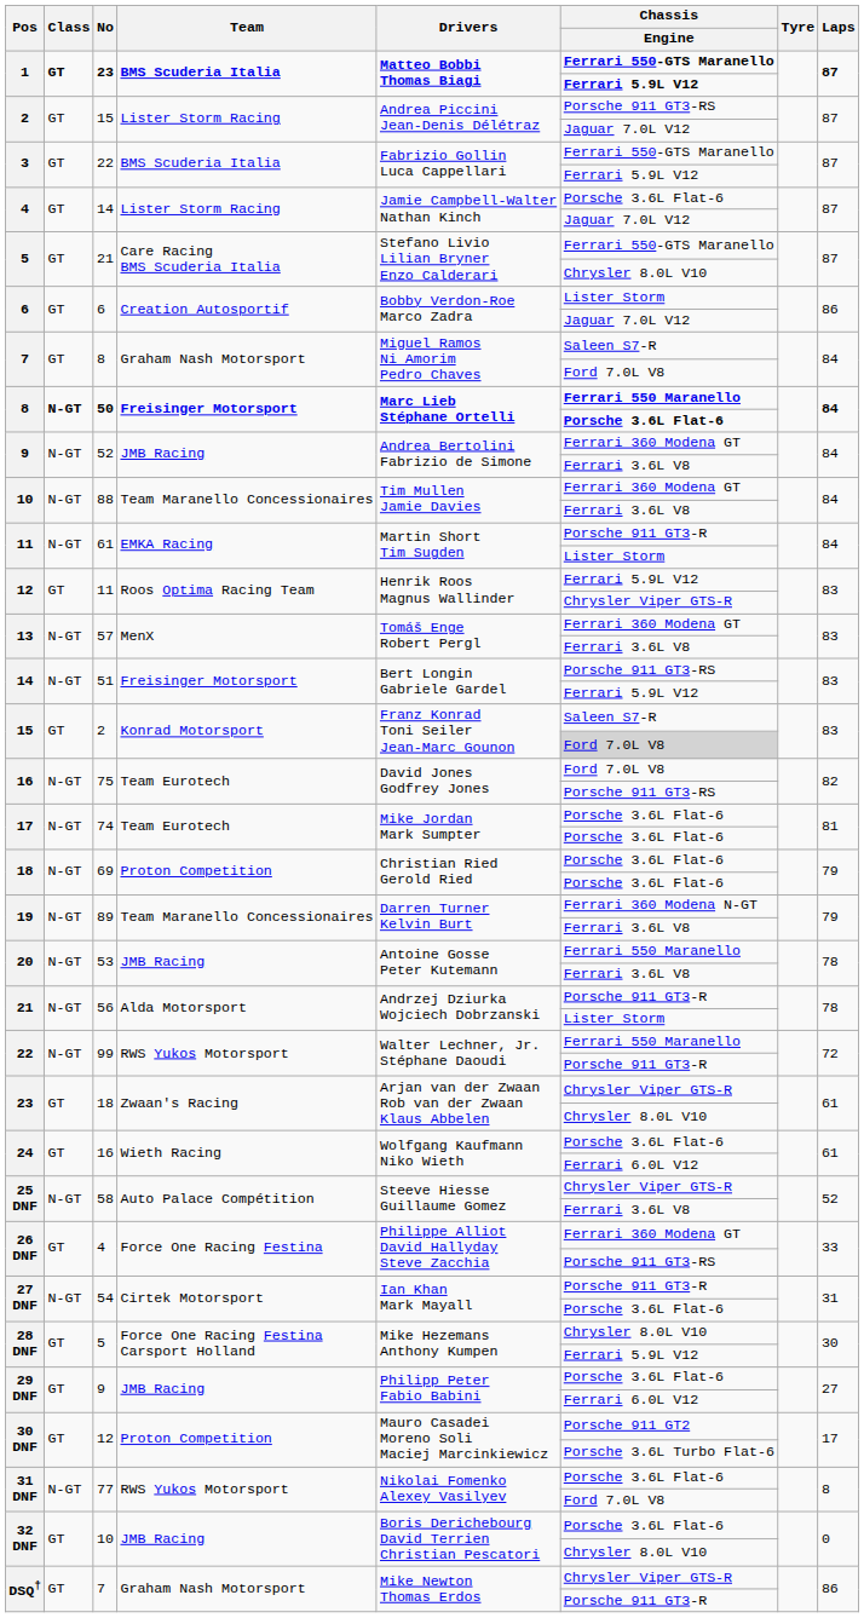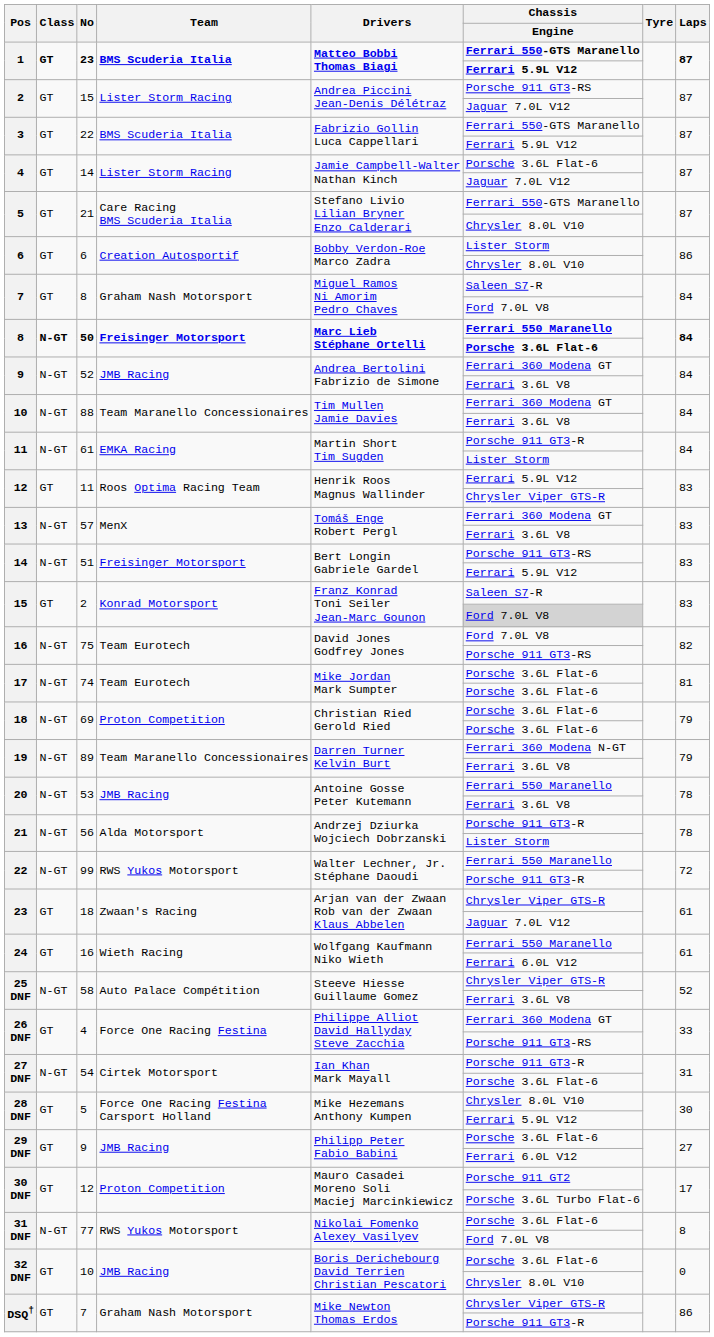 <table class="wikitable" style="font-size: 95%;">
 <tr>
 <th rowspan=2>Pos</th>
 <th rowspan=2>Class</th>
 <th rowspan=2>No</th>
 <th rowspan=2>Team</th>
 <th rowspan=2>Drivers</th>
 <th>Chassis</th>
 <th rowspan=2>Tyre</th>
 <th rowspan=2>Laps</th>
 </tr>
 <tr>
 <th>Engine</th>
 </tr>
 <tr style="font-weight:bold">
 <th rowspan=2>1</th>
 <td rowspan=2>GT</td>
 <td rowspan=2>23</td>
 <td rowspan=2> <a href='#'>BMS Scuderia Italia</a></td>
 <td rowspan=2> <a href='#'>Matteo Bobbi</a><br> <a href='#'>Thomas Biagi</a></td>
 <td><a href='#'>Ferrari 550</a>-GTS Maranello</td>
 <td rowspan=2></td>
 <td rowspan=2>87</td>
 </tr>
 <tr style="font-weight:bold">
 <td><a href='#'>Ferrari</a> 5.9L V12</td>
 </tr>
 <tr>
 <th rowspan=2>2</th>
 <td rowspan=2>GT</td>
 <td rowspan=2>15</td>
 <td rowspan=2> <a href='#'>Lister Storm Racing</a></td>
 <td rowspan=2> <a href='#'>Andrea Piccini</a><br> <a href='#'>Jean-Denis Délétraz</a></td>
 <td><a href='#'>Porsche 911 GT3</a>-RS</td>
 <td rowspan=2></td>
 <td rowspan=2>87</td>
 </tr>
 <tr>
 <td><a href='#'>Jaguar</a> 7.0L V12</td>
 </tr>
 <tr>
 <th rowspan=2>3</th>
 <td rowspan=2>GT</td>
 <td rowspan=2>22</td>
 <td rowspan=2> <a href='#'>BMS Scuderia Italia</a></td>
 <td rowspan=2> <a href='#'>Fabrizio Gollin</a><br> Luca Cappellari</td>
 <td><a href='#'>Ferrari 550</a>-GTS Maranello</td>
 <td rowspan=2></td>
 <td rowspan=2>87</td>
 </tr>
 <tr>
 <td><a href='#'>Ferrari</a> 5.9L V12</td>
 </tr>
 <tr>
 <th rowspan=2>4</th>
 <td rowspan=2>GT</td>
 <td rowspan=2>14</td>
 <td rowspan=2> <a href='#'>Lister Storm Racing</a></td>
 <td rowspan=2> <a href='#'>Jamie Campbell-Walter</a><br> Nathan Kinch</td>
 <td><a href='#'>Porsche</a> 3.6L Flat-6</td>
 <td rowspan=2></td>
 <td rowspan=2>87</td>
 </tr>
 <tr>
 <td><a href='#'>Jaguar</a> 7.0L V12</td>
 </tr>
 <tr>
 <th rowspan=2>5</th>
 <td rowspan=2>GT</td>
 <td rowspan=2>21</td>
 <td rowspan=2> Care Racing<br> <a href='#'>BMS Scuderia Italia</a></td>
 <td rowspan=2> Stefano Livio<br> <a href='#'>Lilian Bryner</a><br> <a href='#'>Enzo Calderari</a></td>
 <td><a href='#'>Ferrari 550</a>-GTS Maranello</td>
 <td rowspan=2></td>
 <td rowspan=2>87</td>
 </tr>
 <tr>
 <td><a href='#'>Chrysler</a> 8.0L V10</td>
 </tr>
 <tr>
 <th rowspan=2>6</th>
 <td rowspan=2>GT</td>
 <td rowspan=2>6</td>
 <td rowspan=2> <a href='#'>Creation Autosportif</a></td>
 <td rowspan=2> <a href='#'>Bobby Verdon-Roe</a><br> Marco Zadra</td>
 <td><a href='#'>Lister Storm</a></td>
 <td rowspan=2></td>
 <td rowspan=2>86</td>
 </tr>
 <tr>
-<td><a href='#'>Jaguar</a> 7.0L V12</td>
+<td><a href='#'>Chrysler</a> 8.0L V10</td>
 </tr>
 <tr>
 <th rowspan=2>7</th>
 <td rowspan=2>GT</td>
 <td rowspan=2>8</td>
 <td rowspan=2> Graham Nash Motorsport</td>
 <td rowspan=2> <a href='#'>Miguel Ramos</a><br> <a href='#'>Ni Amorim</a><br> <a href='#'>Pedro Chaves</a></td>
 <td><a href='#'>Saleen S7</a>-R</td>
 <td rowspan=2></td>
 <td rowspan=2>84</td>
 </tr>
 <tr>
 <td><a href='#'>Ford</a> 7.0L V8</td>
 </tr>
 <tr style="font-weight:bold">
 <th rowspan=2>8</th>
 <td rowspan=2>N-GT</td>
 <td rowspan=2>50</td>
 <td rowspan=2> <a href='#'>Freisinger Motorsport</a></td>
 <td rowspan=2> <a href='#'>Marc Lieb</a><br> <a href='#'>Stéphane Ortelli</a></td>
 <td><a href='#'>Ferrari 550 Maranello</a></td>
 <td rowspan=2></td>
 <td rowspan=2>84</td>
 </tr>
 <tr style="font-weight:bold">
 <td><a href='#'>Porsche</a> 3.6L Flat-6</td>
 </tr>
 <tr>
 <th rowspan=2>9</th>
 <td rowspan=2>N-GT</td>
 <td rowspan=2>52</td>
 <td rowspan=2> <a href='#'>JMB Racing</a></td>
 <td rowspan=2> <a href='#'>Andrea Bertolini</a><br> Fabrizio de Simone</td>
 <td><a href='#'>Ferrari 360 Modena</a> GT</td>
 <td rowspan=2></td>
 <td rowspan=2>84</td>
 </tr>
 <tr>
 <td><a href='#'>Ferrari</a> 3.6L V8</td>
 </tr>
 <tr>
 <th rowspan=2>10</th>
 <td rowspan=2>N-GT</td>
 <td rowspan=2>88</td>
 <td rowspan=2> Team Maranello Concessionaires</td>
 <td rowspan=2> <a href='#'>Tim Mullen</a><br> <a href='#'>Jamie Davies</a></td>
 <td><a href='#'>Ferrari 360 Modena</a> GT</td>
 <td rowspan=2></td>
 <td rowspan=2>84</td>
 </tr>
 <tr>
 <td><a href='#'>Ferrari</a> 3.6L V8</td>
 </tr>
 <tr>
 <th rowspan=2>11</th>
 <td rowspan=2>N-GT</td>
 <td rowspan=2>61</td>
 <td rowspan=2> <a href='#'>EMKA Racing</a></td>
 <td rowspan=2> Martin Short<br> <a href='#'>Tim Sugden</a></td>
 <td><a href='#'>Porsche 911 GT3</a>-R</td>
 <td rowspan=2></td>
 <td rowspan=2>84</td>
 </tr>
 <tr>
 <td><a href='#'>Lister Storm</a></td>
 </tr>
 <tr>
 <th rowspan=2>12</th>
 <td rowspan=2>GT</td>
 <td rowspan=2>11</td>
 <td rowspan=2> Roos <a href='#'>Optima</a> Racing Team</td>
 <td rowspan=2> Henrik Roos<br> Magnus Wallinder</td>
 <td><a href='#'>Ferrari</a> 5.9L V12</td>
 <td rowspan=2></td>
 <td rowspan=2>83</td>
 </tr>
 <tr>
 <td><a href='#'>Chrysler Viper GTS-R</a></td>
 </tr>
 <tr>
 <th rowspan=2>13</th>
 <td rowspan=2>N-GT</td>
 <td rowspan=2>57</td>
 <td rowspan=2> MenX</td>
 <td rowspan=2> <a href='#'>Tomáš Enge</a><br> Robert Pergl</td>
 <td><a href='#'>Ferrari 360 Modena</a> GT</td>
 <td rowspan=2></td>
 <td rowspan=2>83</td>
 </tr>
 <tr>
 <td><a href='#'>Ferrari</a> 3.6L V8</td>
 </tr>
 <tr>
 <th rowspan=2>14</th>
 <td rowspan=2>N-GT</td>
 <td rowspan=2>51</td>
 <td rowspan=2> <a href='#'>Freisinger Motorsport</a></td>
 <td rowspan=2> Bert Longin<br> Gabriele Gardel</td>
 <td><a href='#'>Porsche 911 GT3</a>-RS</td>
 <td rowspan=2></td>
 <td rowspan=2>83</td>
 </tr>
 <tr>
 <td><a href='#'>Ferrari</a> 5.9L V12</td>
 </tr>
 <tr>
 <th rowspan=2>15</th>
 <td rowspan=2>GT</td>
 <td rowspan=2>2</td>
 <td rowspan=2> <a href='#'>Konrad Motorsport</a></td>
 <td rowspan=2> <a href='#'>Franz Konrad</a><br> Toni Seiler<br> <a href='#'>Jean-Marc Gounon</a></td>
 <td><a href='#'>Saleen S7</a>-R</td>
 <td rowspan=2></td>
 <td rowspan=2>83</td>
 </tr>
 <tr>
 <td style="background: lightgrey;"><a href='#'>Ford</a> 7.0L V8</td>
 </tr>
 <tr>
 <th rowspan=2>16</th>
 <td rowspan=2>N-GT</td>
 <td rowspan=2>75</td>
 <td rowspan=2> Team Eurotech</td>
 <td rowspan=2> David Jones<br> Godfrey Jones</td>
 <td><a href='#'>Ford</a> 7.0L V8</td>
 <td rowspan=2></td>
 <td rowspan=2>82</td>
 </tr>
 <tr>
 <td><a href='#'>Porsche 911 GT3</a>-RS</td>
 </tr>
 <tr>
 <th rowspan=2>17</th>
 <td rowspan=2>N-GT</td>
 <td rowspan=2>74</td>
 <td rowspan=2> Team Eurotech</td>
 <td rowspan=2> <a href='#'>Mike Jordan</a><br> Mark Sumpter</td>
 <td><a href='#'>Porsche</a> 3.6L Flat-6</td>
 <td rowspan=2></td>
 <td rowspan=2>81</td>
 </tr>
 <tr>
 <td><a href='#'>Porsche</a> 3.6L Flat-6</td>
 </tr>
 <tr>
 <th rowspan=2>18</th>
 <td rowspan=2>N-GT</td>
 <td rowspan=2>69</td>
 <td rowspan=2> <a href='#'>Proton Competition</a></td>
 <td rowspan=2> Christian Ried<br> Gerold Ried</td>
 <td><a href='#'>Porsche</a> 3.6L Flat-6</td>
 <td rowspan=2></td>
 <td rowspan=2>79</td>
 </tr>
 <tr>
 <td><a href='#'>Porsche</a> 3.6L Flat-6</td>
 </tr>
 <tr>
 <th rowspan=2>19</th>
 <td rowspan=2>N-GT</td>
 <td rowspan=2>89</td>
 <td rowspan=2> Team Maranello Concessionaires</td>
 <td rowspan=2> <a href='#'>Darren Turner</a><br> <a href='#'>Kelvin Burt</a></td>
 <td><a href='#'>Ferrari 360 Modena</a> N-GT</td>
 <td rowspan=2></td>
 <td rowspan=2>79</td>
 </tr>
 <tr>
 <td><a href='#'>Ferrari</a> 3.6L V8</td>
 </tr>
 <tr>
 <th rowspan=2>20</th>
 <td rowspan=2>N-GT</td>
 <td rowspan=2>53</td>
 <td rowspan=2> <a href='#'>JMB Racing</a></td>
 <td rowspan=2> Antoine Gosse<br> Peter Kutemann</td>
 <td><a href='#'>Ferrari 550 Maranello</a></td>
 <td rowspan=2></td>
 <td rowspan=2>78</td>
 </tr>
 <tr>
 <td><a href='#'>Ferrari</a> 3.6L V8</td>
 </tr>
 <tr>
 <th rowspan=2>21</th>
 <td rowspan=2>N-GT</td>
 <td rowspan=2>56</td>
 <td rowspan=2> Alda Motorsport</td>
 <td rowspan=2> Andrzej Dziurka<br> Wojciech Dobrzanski</td>
 <td><a href='#'>Porsche 911 GT3</a>-R</td>
 <td rowspan=2></td>
 <td rowspan=2>78</td>
 </tr>
 <tr>
 <td><a href='#'>Lister Storm</a></td>
 </tr>
 <tr>
 <th rowspan=2>22</th>
 <td rowspan=2>N-GT</td>
 <td rowspan=2>99</td>
 <td rowspan=2> RWS <a href='#'>Yukos</a> Motorsport</td>
 <td rowspan=2> Walter Lechner, Jr.<br> Stéphane Daoudi</td>
 <td><a href='#'>Ferrari 550 Maranello</a></td>
 <td rowspan=2></td>
 <td rowspan=2>72</td>
 </tr>
 <tr>
 <td><a href='#'>Porsche 911 GT3</a>-R</td>
 </tr>
 <tr>
 <th rowspan=2>23</th>
 <td rowspan=2>GT</td>
 <td rowspan=2>18</td>
 <td rowspan=2> Zwaan's Racing</td>
 <td rowspan=2> Arjan van der Zwaan<br> Rob van der Zwaan<br> <a href='#'>Klaus Abbelen</a></td>
 <td><a href='#'>Chrysler Viper GTS-R</a></td>
 <td rowspan=2></td>
 <td rowspan=2>61</td>
 </tr>
 <tr>
-<td><a href='#'>Chrysler</a> 8.0L V10</td>
+<td><a href='#'>Jaguar</a> 7.0L V12</td>
 </tr>
 <tr>
 <th rowspan=2>24</th>
 <td rowspan=2>GT</td>
 <td rowspan=2>16</td>
 <td rowspan=2> Wieth Racing</td>
 <td rowspan=2> Wolfgang Kaufmann<br> Niko Wieth</td>
-<td><a href='#'>Porsche</a> 3.6L Flat-6</td>
+<td><a href='#'>Ferrari 550 Maranello</a></td>
 <td rowspan=2></td>
 <td rowspan=2>61</td>
 </tr>
 <tr>
 <td><a href='#'>Ferrari</a> 6.0L V12</td>
 </tr>
 <tr>
 <th rowspan=2>25<br>DNF</th>
 <td rowspan=2>N-GT</td>
 <td rowspan=2>58</td>
 <td rowspan=2> Auto Palace Compétition</td>
 <td rowspan=2> Steeve Hiesse<br> Guillaume Gomez</td>
 <td><a href='#'>Chrysler Viper GTS-R</a></td>
 <td rowspan=2></td>
 <td rowspan=2>52</td>
 </tr>
 <tr>
 <td><a href='#'>Ferrari</a> 3.6L V8</td>
 </tr>
 <tr>
 <th rowspan=2>26<br>DNF</th>
 <td rowspan=2>GT</td>
 <td rowspan=2>4</td>
 <td rowspan=2> Force One Racing <a href='#'>Festina</a></td>
 <td rowspan=2> <a href='#'>Philippe Alliot</a><br> <a href='#'>David Hallyday</a><br> <a href='#'>Steve Zacchia</a></td>
 <td><a href='#'>Ferrari 360 Modena</a> GT</td>
 <td rowspan=2></td>
 <td rowspan=2>33</td>
 </tr>
 <tr>
 <td><a href='#'>Porsche 911 GT3</a>-RS</td>
 </tr>
 <tr>
 <th rowspan=2>27<br>DNF</th>
 <td rowspan=2>N-GT</td>
 <td rowspan=2>54</td>
 <td rowspan=2> Cirtek Motorsport</td>
 <td rowspan=2> <a href='#'>Ian Khan</a><br> Mark Mayall</td>
 <td><a href='#'>Porsche 911 GT3</a>-R</td>
 <td rowspan=2></td>
 <td rowspan=2>31</td>
 </tr>
 <tr>
 <td><a href='#'>Porsche</a> 3.6L Flat-6</td>
 </tr>
 <tr>
 <th rowspan=2>28<br>DNF</th>
 <td rowspan=2>GT</td>
 <td rowspan=2>5</td>
 <td rowspan=2> Force One Racing <a href='#'>Festina</a><br> Carsport Holland</td>
 <td rowspan=2> Mike Hezemans<br> Anthony Kumpen</td>
 <td><a href='#'>Chrysler</a> 8.0L V10</td>
 <td rowspan=2></td>
 <td rowspan=2>30</td>
 </tr>
 <tr>
 <td><a href='#'>Ferrari</a> 5.9L V12</td>
 </tr>
 <tr>
 <th rowspan=2>29<br>DNF</th>
 <td rowspan=2>GT</td>
 <td rowspan=2>9</td>
 <td rowspan=2> <a href='#'>JMB Racing</a></td>
 <td rowspan=2> <a href='#'>Philipp Peter</a><br> <a href='#'>Fabio Babini</a></td>
 <td><a href='#'>Porsche</a> 3.6L Flat-6</td>
 <td rowspan=2></td>
 <td rowspan=2>27</td>
 </tr>
 <tr>
 <td><a href='#'>Ferrari</a> 6.0L V12</td>
 </tr>
 <tr>
 <th rowspan=2>30<br>DNF</th>
 <td rowspan=2>GT</td>
 <td rowspan=2>12</td>
 <td rowspan=2> <a href='#'>Proton Competition</a></td>
 <td rowspan=2> Mauro Casadei<br> Moreno Soli<br> Maciej Marcinkiewicz</td>
 <td><a href='#'>Porsche 911 GT2</a></td>
 <td rowspan=2></td>
 <td rowspan=2>17</td>
 </tr>
 <tr>
 <td><a href='#'>Porsche</a> 3.6L Turbo Flat-6</td>
 </tr>
 <tr>
 <th rowspan=2>31<br>DNF</th>
 <td rowspan=2>N-GT</td>
 <td rowspan=2>77</td>
 <td rowspan=2> RWS <a href='#'>Yukos</a> Motorsport</td>
 <td rowspan=2> <a href='#'>Nikolai Fomenko</a><br> <a href='#'>Alexey Vasilyev</a></td>
 <td><a href='#'>Porsche</a> 3.6L Flat-6</td>
 <td rowspan=2></td>
 <td rowspan=2>8</td>
 </tr>
 <tr>
 <td><a href='#'>Ford</a> 7.0L V8</td>
 </tr>
 <tr>
 <th rowspan=2>32<br>DNF</th>
 <td rowspan=2>GT</td>
 <td rowspan=2>10</td>
 <td rowspan=2> <a href='#'>JMB Racing</a></td>
 <td rowspan=2> <a href='#'>Boris Derichebourg</a><br> <a href='#'>David Terrien</a><br> <a href='#'>Christian Pescatori</a></td>
 <td><a href='#'>Porsche</a> 3.6L Flat-6</td>
 <td rowspan=2></td>
 <td rowspan=2>0</td>
 </tr>
 <tr>
 <td><a href='#'>Chrysler</a> 8.0L V10</td>
 </tr>
 <tr>
 <th rowspan=2>DSQ<sup>†</sup></th>
 <td rowspan=2>GT</td>
 <td rowspan=2>7</td>
 <td rowspan=2> Graham Nash Motorsport</td>
 <td rowspan=2> <a href='#'>Mike Newton</a><br> <a href='#'>Thomas Erdos</a></td>
 <td><a href='#'>Chrysler Viper GTS-R</a></td>
 <td rowspan=2></td>
 <td rowspan=2>86</td>
 </tr>
 <tr>
 <td><a href='#'>Porsche 911 GT3</a>-R</td>
 </tr>
 </table>
